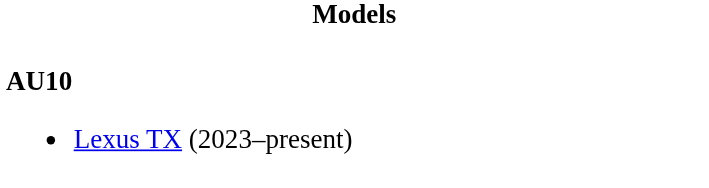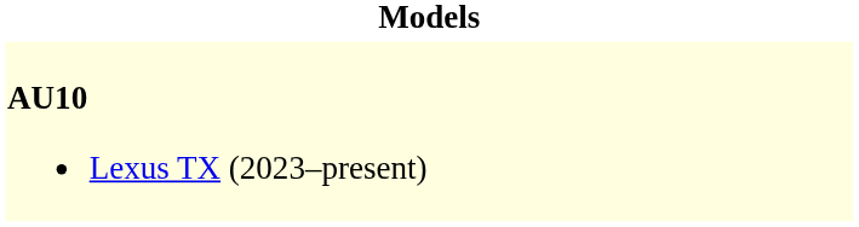 <table>
 <tr>
 <th style="width:50%">Models</th>
 </tr>
 <tr>
-<td style="width:50%"><br><strong>AU10</strong><ul><li><a href='#'>Lexus TX</a> (2023–present)</li></ul></td>
+<td style="background: lightyellow; width:50%"><br><strong>AU10</strong><ul><li><a href='#'>Lexus TX</a> (2023–present)</li></ul></td>
 </tr>
 </table>
